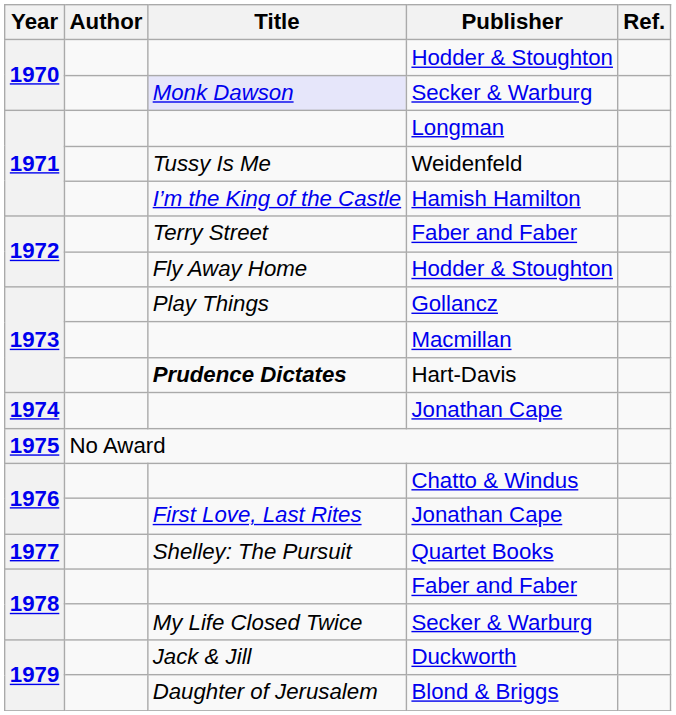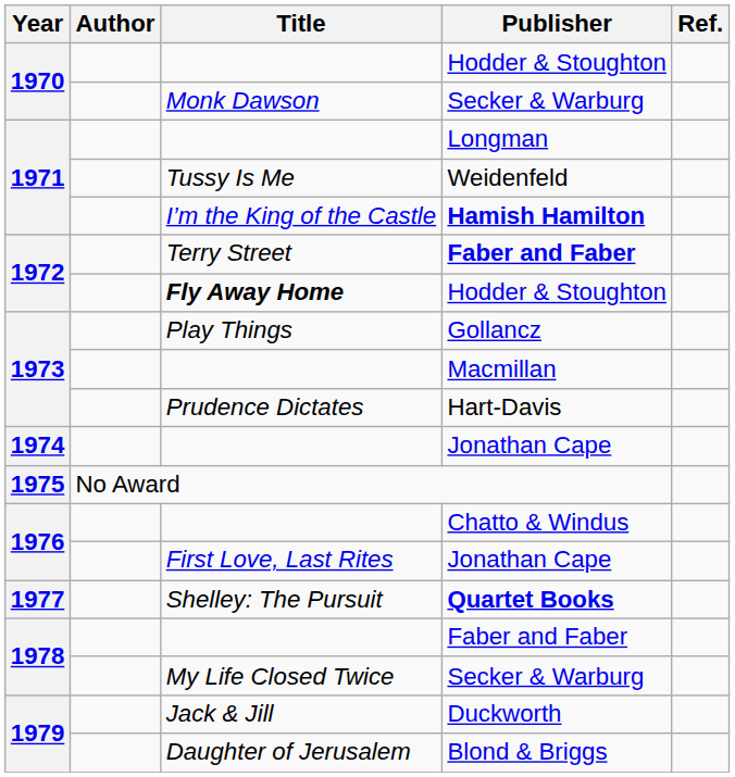 <table class="wikitable sortable mw-collapsible">
 <tr>
 <th>Year</th>
 <th>Author</th>
 <th>Title</th>
 <th>Publisher</th>
 <th>Ref.</th>
 </tr>
 <tr>
 <th rowspan="2"><a href='#'>1970</a></th>
 <td></td>
 <td><em></em></td>
 <td><a href='#'>Hodder & Stoughton</a></td>
 <td></td>
 </tr>
 <tr>
 <td></td>
-<td style="background: lavender;"><em><a href='#'>Monk Dawson</a></em></td>
+<td><em><a href='#'>Monk Dawson</a></em></td>
 <td><a href='#'>Secker & Warburg</a></td>
 <td></td>
 </tr>
 <tr>
 <th rowspan="3"><a href='#'>1971</a></th>
 <td></td>
 <td><em></em></td>
 <td><a href='#'>Longman</a></td>
 <td></td>
 </tr>
 <tr>
 <td></td>
 <td><em>Tussy Is Me</em></td>
 <td>Weidenfeld</td>
 <td></td>
 </tr>
 <tr>
 <td></td>
 <td><em><a href='#'>I’m the King of the Castle</a></em></td>
-<td><a href='#'>Hamish Hamilton</a></td>
+<td><strong><a href='#'>Hamish Hamilton</a></strong></td>
 <td></td>
 </tr>
 <tr>
 <th rowspan="2"><a href='#'>1972</a></th>
 <td></td>
 <td><em>Terry Street</em></td>
-<td><a href='#'>Faber and Faber</a></td>
+<td><strong><a href='#'>Faber and Faber</a></strong></td>
 <td></td>
 </tr>
 <tr>
 <td></td>
-<td><em>Fly Away Home</em></td>
+<td><strong><em>Fly Away Home</em></strong></td>
 <td><a href='#'>Hodder & Stoughton</a></td>
 <td></td>
 </tr>
 <tr>
 <th rowspan="3"><a href='#'>1973</a></th>
 <td></td>
 <td><em>Play Things</em></td>
 <td><a href='#'>Gollancz</a></td>
 <td></td>
 </tr>
 <tr>
 <td></td>
 <td><em></em></td>
 <td><a href='#'>Macmillan</a></td>
 <td></td>
 </tr>
 <tr>
 <td></td>
-<td><strong><em>Prudence Dictates</em></strong></td>
+<td><em>Prudence Dictates</em></td>
 <td>Hart-Davis</td>
 <td></td>
 </tr>
 <tr>
 <th><a href='#'>1974</a></th>
 <td></td>
 <td><em></em></td>
 <td><a href='#'>Jonathan Cape</a></td>
 <td></td>
 </tr>
 <tr>
 <th><a href='#'>1975</a></th>
 <td colspan="3">No Award</td>
 <td></td>
 </tr>
 <tr>
 <th rowspan="2"><a href='#'>1976</a></th>
 <td></td>
 <td><em></em></td>
 <td><a href='#'>Chatto & Windus</a></td>
 <td></td>
 </tr>
 <tr>
 <td></td>
 <td><em><a href='#'>First Love, Last Rites</a></em></td>
 <td><a href='#'>Jonathan Cape</a></td>
 <td></td>
 </tr>
 <tr>
 <th><a href='#'>1977</a></th>
 <td></td>
 <td><em>Shelley: The Pursuit</em></td>
-<td><a href='#'>Quartet Books</a></td>
+<td><strong><a href='#'>Quartet Books</a></strong></td>
 <td></td>
 </tr>
 <tr>
 <th rowspan="2"><a href='#'>1978</a></th>
 <td></td>
 <td><em></em></td>
 <td><a href='#'>Faber and Faber</a></td>
 <td></td>
 </tr>
 <tr>
 <td></td>
 <td><em>My Life Closed Twice</em></td>
 <td><a href='#'>Secker & Warburg</a></td>
 <td></td>
 </tr>
 <tr>
 <th rowspan="2"><a href='#'>1979</a></th>
 <td></td>
 <td><em>Jack & Jill</em></td>
 <td><a href='#'>Duckworth</a></td>
 <td></td>
 </tr>
 <tr>
 <td></td>
 <td><em>Daughter of Jerusalem</em></td>
 <td><a href='#'>Blond & Briggs</a></td>
 <td></td>
 </tr>
 </table>
